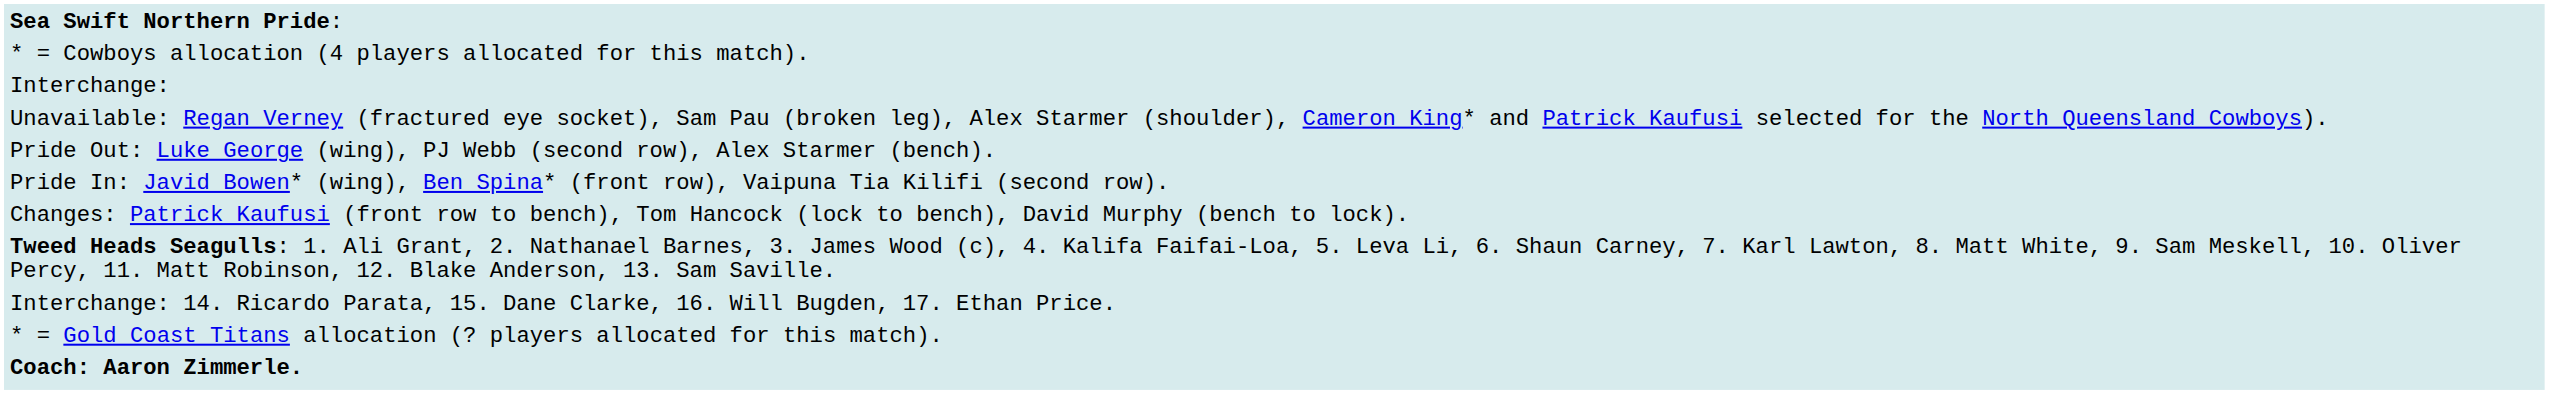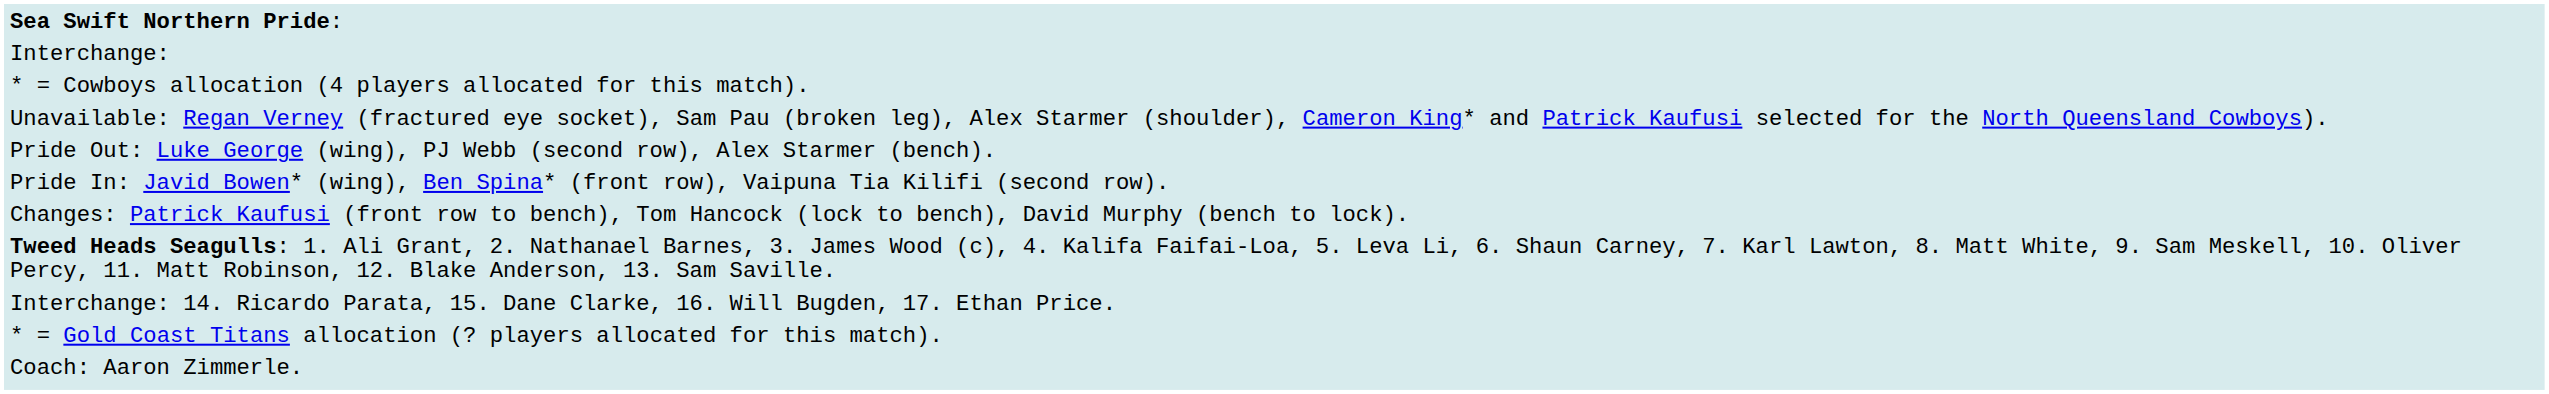 <table style="background:#d7ebed; font-size:85%; width:100%;">
 <tr>
 <td><strong>Sea Swift Northern Pride</strong>:             </td>
 </tr>
 <tr>
-<td>* = Cowboys allocation (4 players allocated for this match).</td>
+<td>Interchange:    </td>
 </tr>
 <tr>
-<td>Interchange:    </td>
+<td>* = Cowboys allocation (4 players allocated for this match).</td>
 </tr>
 <tr>
 <td>Unavailable:  <a href='#'>Regan Verney</a> (fractured eye socket), Sam Pau (broken leg), Alex Starmer (shoulder), <a href='#'>Cameron King</a>* and <a href='#'>Patrick Kaufusi</a> selected for the <a href='#'>North Queensland Cowboys</a>).</td>
 </tr>
 <tr>
 <td>Pride Out: <a href='#'>Luke George</a> (wing), PJ Webb (second row), Alex Starmer (bench).</td>
 </tr>
 <tr>
 <td>Pride In: <a href='#'>Javid Bowen</a>* (wing), <a href='#'>Ben Spina</a>* (front row), Vaipuna Tia Kilifi (second row).</td>
 </tr>
 <tr>
 <td>Changes: <a href='#'>Patrick Kaufusi</a> (front row to bench), Tom Hancock (lock to bench), David Murphy (bench to lock).</td>
 </tr>
 <tr>
 <td><strong>Tweed Heads Seagulls</strong>:  1. Ali Grant, 2. Nathanael Barnes, 3. James Wood (c), 4. Kalifa Faifai-Loa, 5. Leva Li, 6. Shaun Carney, 7. Karl Lawton, 8. Matt White, 9. Sam Meskell, 10. Oliver Percy, 11. Matt Robinson, 12. Blake Anderson, 13. Sam Saville.</td>
 </tr>
 <tr>
 <td>Interchange: 14. Ricardo Parata, 15. Dane Clarke, 16. Will Bugden, 17. Ethan Price.</td>
 </tr>
 <tr>
 <td>* = <a href='#'>Gold Coast Titans</a> allocation (? players allocated for this match).</td>
 </tr>
 <tr>
-<td><strong>Coach: Aaron Zimmerle.</strong></td>
+<td>Coach: Aaron Zimmerle.</td>
 </tr>
 <tr>
 </tr>
 </table>
